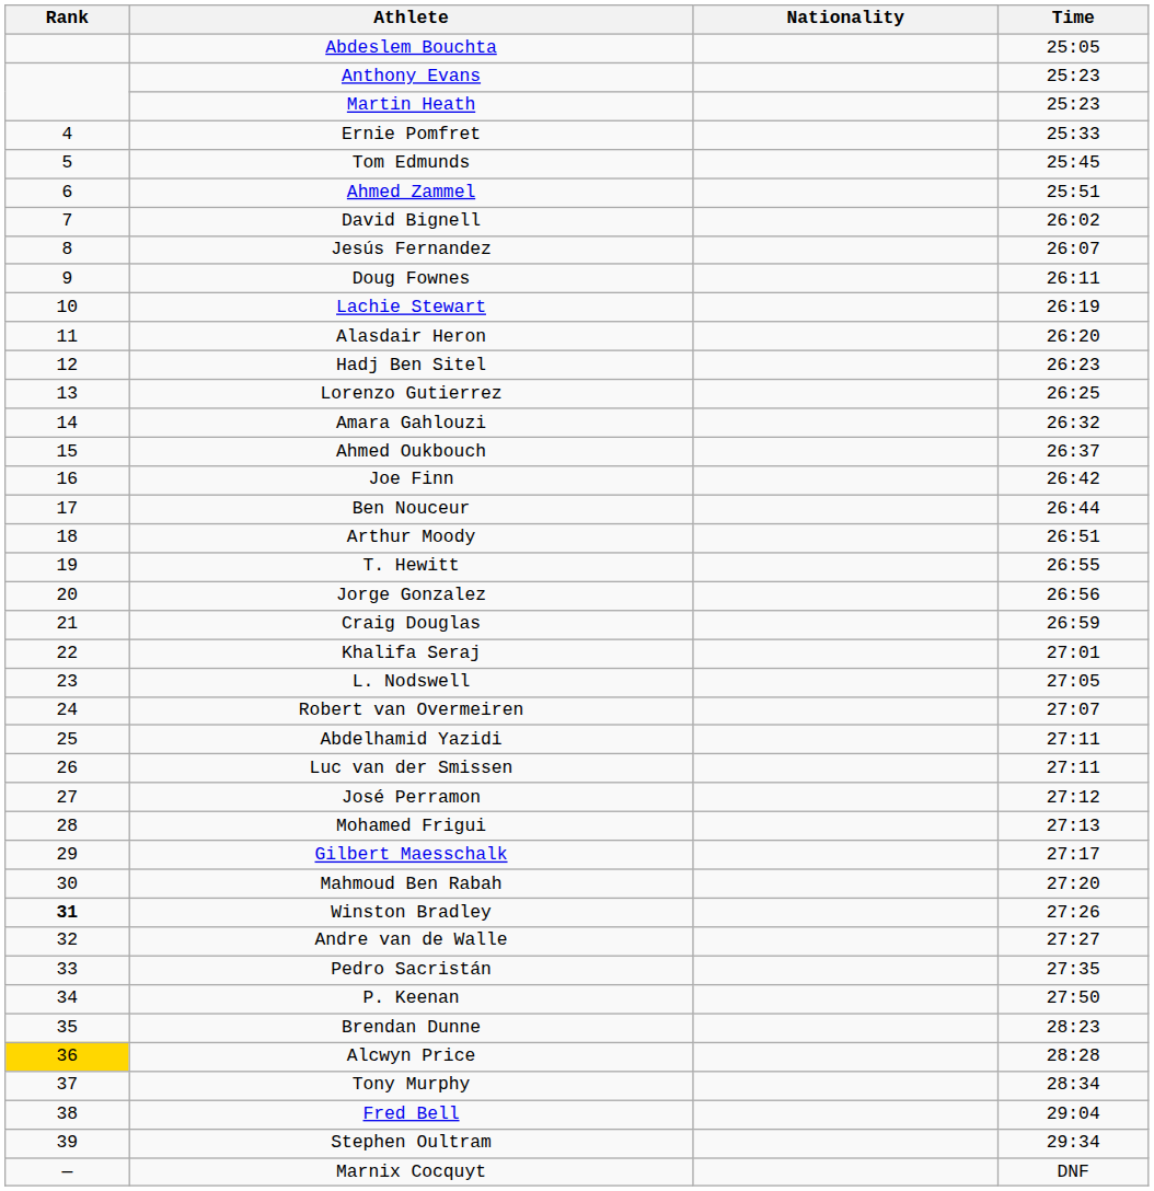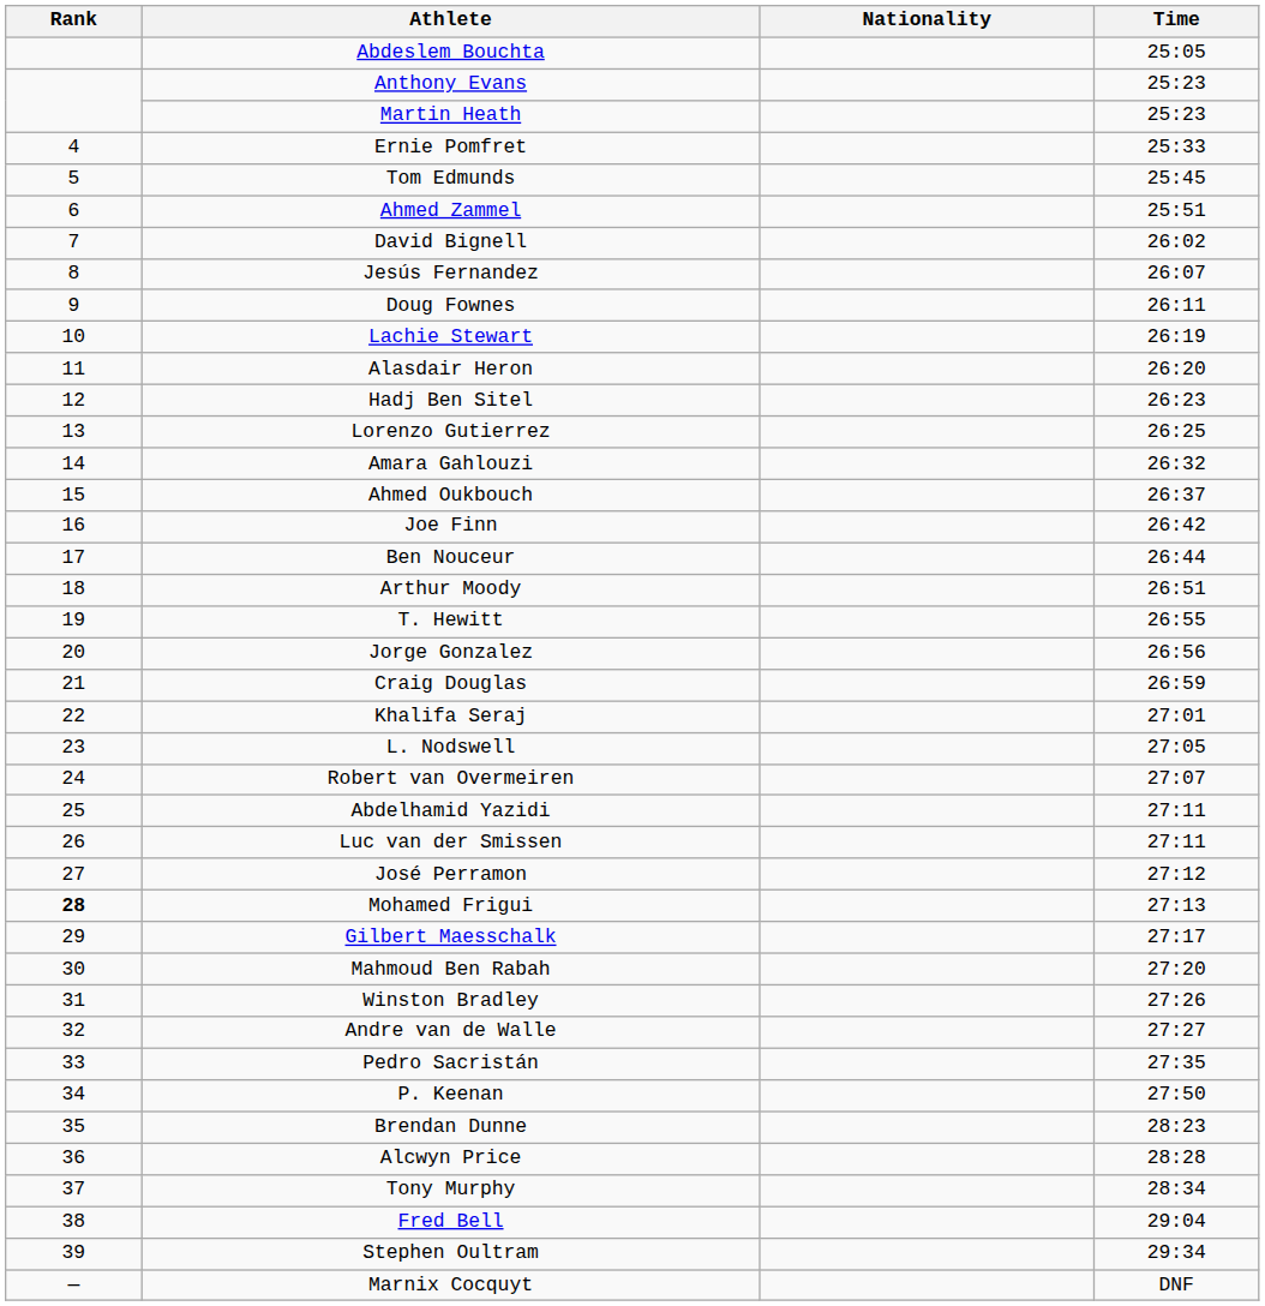 <table class="wikitable sortable" style=" text-align:center; font-size:95%;" width="50%">
 <tr>
 <th>Rank</th>
 <th>Athlete</th>
 <th>Nationality</th>
 <th>Time</th>
 </tr>
 <tr>
 <td align=center></td>
 <td><a href='#'>Abdeslem Bouchta</a></td>
 <td></td>
 <td>25:05</td>
 </tr>
 <tr>
 <td rowspan = 2 align=center></td>
 <td><a href='#'>Anthony Evans</a></td>
 <td></td>
 <td>25:23</td>
 </tr>
 <tr>
 <td><a href='#'>Martin Heath</a></td>
 <td></td>
 <td>25:23</td>
 </tr>
 <tr>
 <td align=center>4</td>
 <td>Ernie Pomfret</td>
 <td></td>
 <td>25:33</td>
 </tr>
 <tr>
 <td align=center>5</td>
 <td>Tom Edmunds</td>
 <td></td>
 <td>25:45</td>
 </tr>
 <tr>
 <td align=center>6</td>
 <td><a href='#'>Ahmed Zammel</a></td>
 <td></td>
 <td>25:51</td>
 </tr>
 <tr>
 <td align=center>7</td>
 <td>David Bignell</td>
 <td></td>
 <td>26:02</td>
 </tr>
 <tr>
 <td align=center>8</td>
 <td>Jesús Fernandez</td>
 <td></td>
 <td>26:07</td>
 </tr>
 <tr |1945>
 <td align=center>9</td>
 <td>Doug Fownes</td>
 <td></td>
 <td>26:11</td>
 </tr>
 <tr>
 <td align=center>10</td>
 <td><a href='#'>Lachie Stewart</a></td>
 <td></td>
 <td>26:19</td>
 </tr>
 <tr>
 <td align=center>11</td>
 <td>Alasdair Heron</td>
 <td></td>
 <td>26:20</td>
 </tr>
 <tr>
 <td align=center>12</td>
 <td>Hadj Ben Sitel</td>
 <td></td>
 <td>26:23</td>
 </tr>
 <tr>
 <td align=center>13</td>
 <td>Lorenzo Gutierrez</td>
 <td></td>
 <td>26:25</td>
 </tr>
 <tr>
 <td align=center>14</td>
 <td>Amara Gahlouzi</td>
 <td></td>
 <td>26:32</td>
 </tr>
 <tr>
 <td align=center>15</td>
 <td>Ahmed Oukbouch</td>
 <td></td>
 <td>26:37</td>
 </tr>
 <tr>
 <td align=center>16</td>
 <td>Joe Finn</td>
 <td></td>
 <td>26:42</td>
 </tr>
 <tr>
 <td align=center>17</td>
 <td>Ben Nouceur</td>
 <td></td>
 <td>26:44</td>
 </tr>
 <tr>
 <td align=center>18</td>
 <td>Arthur Moody</td>
 <td></td>
 <td>26:51</td>
 </tr>
 <tr>
 <td align=center>19</td>
 <td>T. Hewitt</td>
 <td></td>
 <td>26:55</td>
 </tr>
 <tr>
 <td align=center>20</td>
 <td>Jorge Gonzalez</td>
 <td></td>
 <td>26:56</td>
 </tr>
 <tr>
 <td align=center>21</td>
 <td>Craig Douglas</td>
 <td></td>
 <td>26:59</td>
 </tr>
 <tr>
 <td align=center>22</td>
 <td>Khalifa Seraj</td>
 <td></td>
 <td>27:01</td>
 </tr>
 <tr>
 <td align=center>23</td>
 <td>L. Nodswell</td>
 <td></td>
 <td>27:05</td>
 </tr>
 <tr>
 <td align=center>24</td>
 <td>Robert van Overmeiren</td>
 <td></td>
 <td>27:07</td>
 </tr>
 <tr>
 <td align=center>25</td>
 <td>Abdelhamid Yazidi</td>
 <td></td>
 <td>27:11</td>
 </tr>
 <tr>
 <td align=center>26</td>
 <td>Luc van der Smissen</td>
 <td></td>
 <td>27:11</td>
 </tr>
 <tr>
 <td align=center>27</td>
 <td>José Perramon</td>
 <td></td>
 <td>27:12</td>
 </tr>
 <tr>
-<td align=center>28</td>
+<td align=center><strong>28</strong></td>
 <td>Mohamed Frigui</td>
 <td></td>
 <td>27:13</td>
 </tr>
 <tr>
 <td align=center>29</td>
 <td><a href='#'>Gilbert Maesschalk</a></td>
 <td></td>
 <td>27:17</td>
 </tr>
 <tr>
 <td align=center>30</td>
 <td>Mahmoud Ben Rabah</td>
 <td></td>
 <td>27:20</td>
 </tr>
 <tr>
-<td align=center><strong>31</strong></td>
+<td align=center>31</td>
 <td>Winston Bradley</td>
 <td></td>
 <td>27:26</td>
 </tr>
 <tr>
 <td align=center>32</td>
 <td>Andre van de Walle</td>
 <td></td>
 <td>27:27</td>
 </tr>
 <tr>
 <td align=center>33</td>
 <td>Pedro Sacristán</td>
 <td></td>
 <td>27:35</td>
 </tr>
 <tr>
 <td align=center>34</td>
 <td>P. Keenan</td>
 <td></td>
 <td>27:50</td>
 </tr>
 <tr>
 <td align=center>35</td>
 <td>Brendan Dunne</td>
 <td></td>
 <td>28:23</td>
 </tr>
 <tr>
-<td align=center style="background: gold;">36</td>
+<td align=center>36</td>
 <td>Alcwyn Price</td>
 <td></td>
 <td>28:28</td>
 </tr>
 <tr>
 <td align=center>37</td>
 <td>Tony Murphy</td>
 <td></td>
 <td>28:34</td>
 </tr>
 <tr>
 <td align=center>38</td>
 <td><a href='#'>Fred Bell</a></td>
 <td></td>
 <td>29:04</td>
 </tr>
 <tr>
 <td align=center>39</td>
 <td>Stephen Oultram</td>
 <td></td>
 <td>29:34</td>
 </tr>
 <tr>
 <td align=center>—</td>
 <td>Marnix Cocquyt</td>
 <td></td>
 <td>DNF</td>
 </tr>
 </table>
